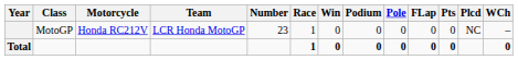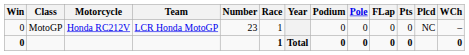 <table class="wikitable">
 <tr>
-<th>Year</th>
+<th>Win</th>
 <th>Class</th>
 <th>Motorcycle</th>
 <th>Team</th>
 <th>Number</th>
 <th>Race</th>
-<th>Win</th>
+<th>Year</th>
 <th>Podium</th>
 <th><a href='#'>Pole</a></th>
 <th>FLap</th>
 <th>Pts</th>
 <th>Plcd</th>
 <th>WCh</th>
 </tr>
 <tr align="right">
-<th></th>
+<td>0</td>
 <td>MotoGP</td>
 <td><a href='#'>Honda RC212V</a></td>
 <td><a href='#'>LCR Honda MotoGP</a></td>
 <td>23</td>
 <td>1</td>
-<td>0</td>
+<th></th>
 <td>0</td>
 <td>0</td>
 <td>0</td>
 <td>0</td>
 <td>NC</td>
 <td>–</td>
 </tr>
 <tr align="right">
-<th>Total</th>
+<td><strong>0</strong></td>
 <td></td>
 <td></td>
 <td></td>
 <td></td>
 <td><strong>1</strong></td>
-<td><strong>0</strong></td>
+<th>Total</th>
 <td><strong>0</strong></td>
 <td><strong>0</strong></td>
 <td><strong>0</strong></td>
 <td><strong>0</strong></td>
 <td></td>
 <td><strong>0</strong></td>
 </tr>
 </table>
